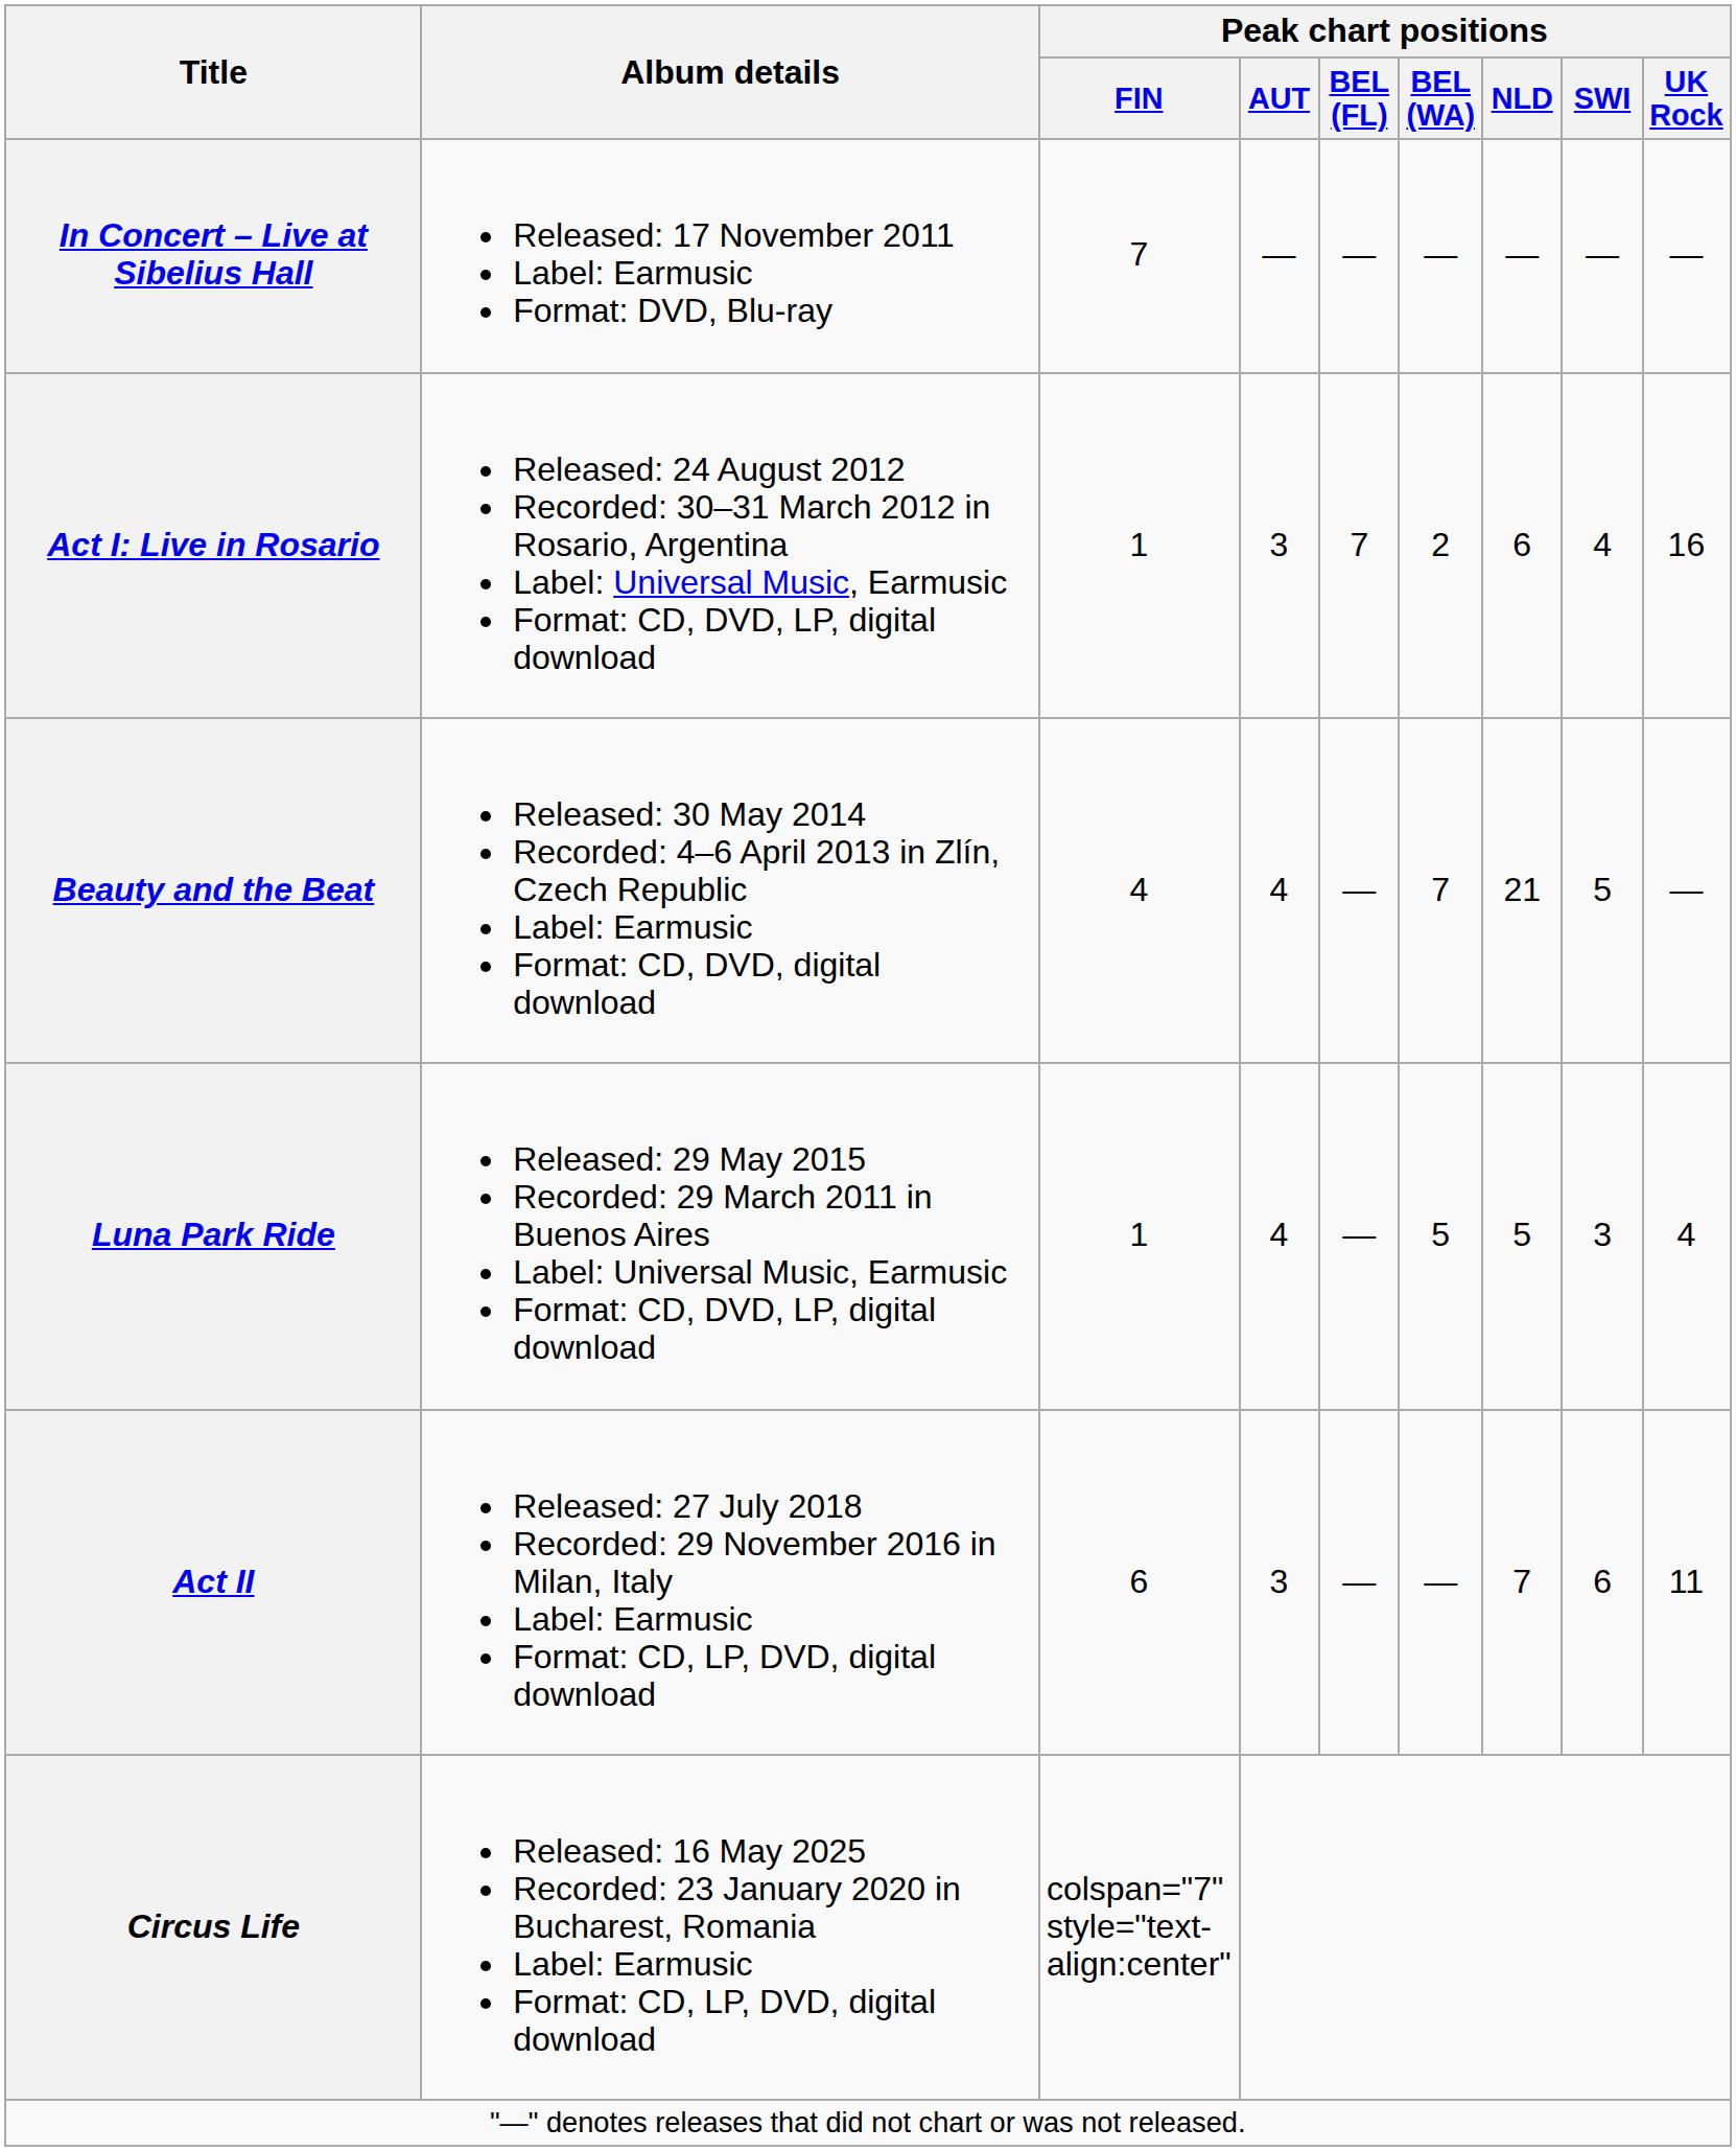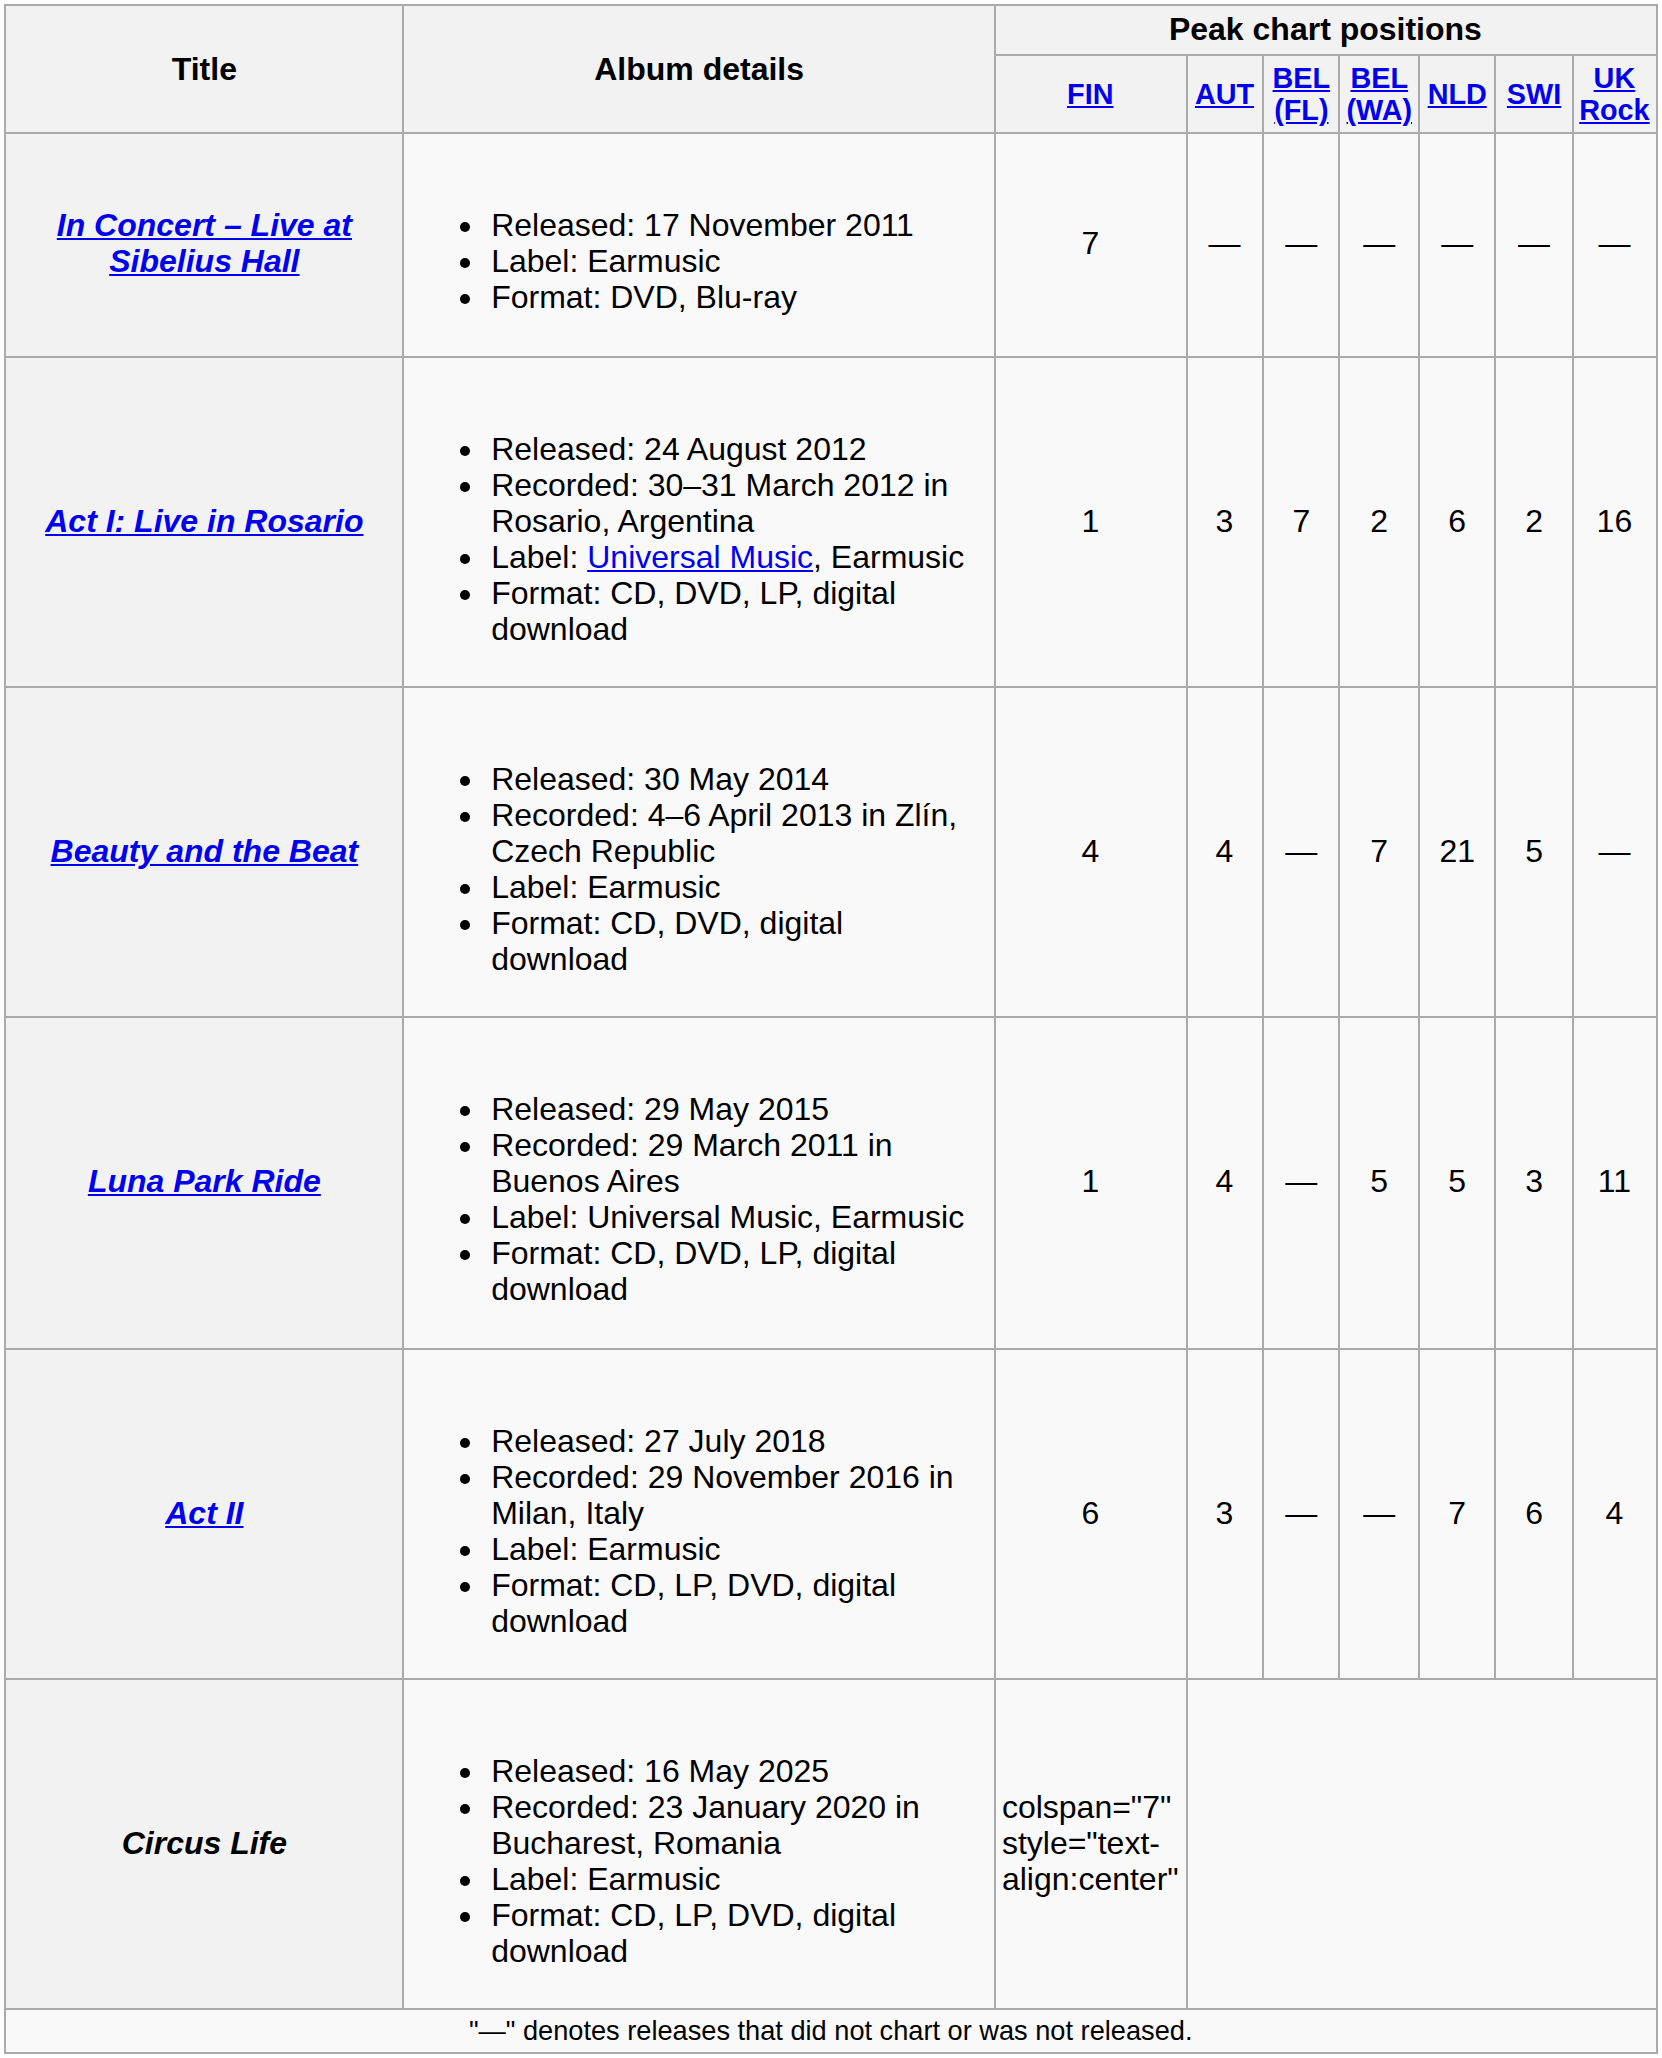 <table class="wikitable plainrowheaders">
 <tr>
 <th scope="col" rowspan="2" style="width:12em;">Title</th>
 <th scope="col" rowspan="2" style="width:18em;">Album details</th>
 <th scope="col" colspan="7">Peak chart positions</th>
 </tr>
 <tr>
 <th scope="col" style="width:2.2em;font-size:90%;"><a href='#'>FIN</a><br></th>
 <th scope="col" style="width:2.2em;font-size:90%;"><a href='#'>AUT</a><br></th>
 <th scope="col" style="width:2.2em;font-size:90%;"><a href='#'>BEL<br>(FL)</a><br></th>
 <th scope="col" style="width:2.2em;font-size:90%;"><a href='#'>BEL<br>(WA)</a><br></th>
 <th scope="col" style="width:2.2em;font-size:90%;"><a href='#'>NLD</a><br></th>
 <th scope="col" style="width:2.2em;font-size:90%;"><a href='#'>SWI</a><br></th>
 <th scope="col" style="width:2.2em;font-size:90%;"><a href='#'>UK Rock</a><br></th>
 </tr>
 <tr>
 <th scope="row"><em><a href='#'>In Concert – Live at Sibelius Hall</a></em></th>
 <td><br><ul><li>Released: 17 November 2011</li><li>Label: Earmusic</li><li>Format: DVD, Blu-ray</li></ul></td>
 <td style="text-align:center">7</td>
 <td style="text-align:center">—</td>
 <td style="text-align:center">—</td>
 <td style="text-align:center">—</td>
 <td style="text-align:center">—</td>
 <td style="text-align:center">—</td>
 <td style="text-align:center">—</td>
 </tr>
 <tr>
 <th scope="row"><em><a href='#'>Act I: Live in Rosario</a></em></th>
 <td><br><ul><li>Released: 24 August 2012</li><li>Recorded: 30–31 March 2012 in Rosario, Argentina</li><li>Label: <a href='#'>Universal Music</a>, Earmusic</li><li>Format: CD, DVD, LP, digital download</li></ul></td>
 <td style="text-align:center">1</td>
 <td style="text-align:center">3</td>
 <td style="text-align:center">7</td>
 <td style="text-align:center">2</td>
 <td style="text-align:center">6</td>
-<td style="text-align:center">4</td>
+<td style="text-align:center">2</td>
 <td style="text-align:center">16</td>
 </tr>
 <tr>
 <th scope="row"><em><a href='#'>Beauty and the Beat</a></em></th>
 <td><br><ul><li>Released: 30 May 2014</li><li>Recorded: 4–6 April 2013 in Zlín, Czech Republic</li><li>Label: Earmusic</li><li>Format: CD, DVD, digital download</li></ul></td>
 <td style="text-align:center">4</td>
 <td style="text-align:center">4</td>
 <td style="text-align:center">—</td>
 <td style="text-align:center">7</td>
 <td style="text-align:center">21</td>
 <td style="text-align:center">5</td>
 <td style="text-align:center">—</td>
 </tr>
 <tr>
 <th scope="row"><em><a href='#'>Luna Park Ride</a></em></th>
 <td><br><ul><li>Released: 29 May 2015</li><li>Recorded: 29 March 2011 in Buenos Aires</li><li>Label: Universal Music, Earmusic</li><li>Format: CD, DVD, LP, digital download</li></ul></td>
 <td style="text-align:center">1</td>
 <td style="text-align:center">4</td>
 <td style="text-align:center">—</td>
 <td style="text-align:center">5</td>
 <td style="text-align:center">5</td>
 <td style="text-align:center">3</td>
-<td style="text-align:center">4</td>
+<td style="text-align:center">11</td>
 </tr>
 <tr>
 <th scope="row"><em><a href='#'>Act II</a></em></th>
 <td><br><ul><li>Released: 27 July 2018</li><li>Recorded: 29 November 2016 in Milan, Italy</li><li>Label: Earmusic</li><li>Format: CD, LP, DVD, digital download</li></ul></td>
 <td style="text-align:center">6</td>
 <td style="text-align:center">3</td>
 <td style="text-align:center">—</td>
 <td style="text-align:center">—</td>
 <td style="text-align:center">7</td>
 <td style="text-align:center">6</td>
-<td style="text-align:center">11</td>
+<td style="text-align:center">4</td>
 </tr>
 <tr>
 <th scope="row"><em>Circus Life</em></th>
 <td><br><ul><li>Released: 16 May 2025</li><li>Recorded: 23 January 2020 in Bucharest, Romania</li><li>Label: Earmusic</li><li>Format: CD, LP, DVD, digital download</li></ul></td>
 <td>colspan="7" style="text-align:center" </td>
 </tr>
 <tr>
 <td colspan="100" style="font-size:85%; text-align: center">"—" denotes releases that did not chart or was not released.</td>
 </tr>
 </table>
